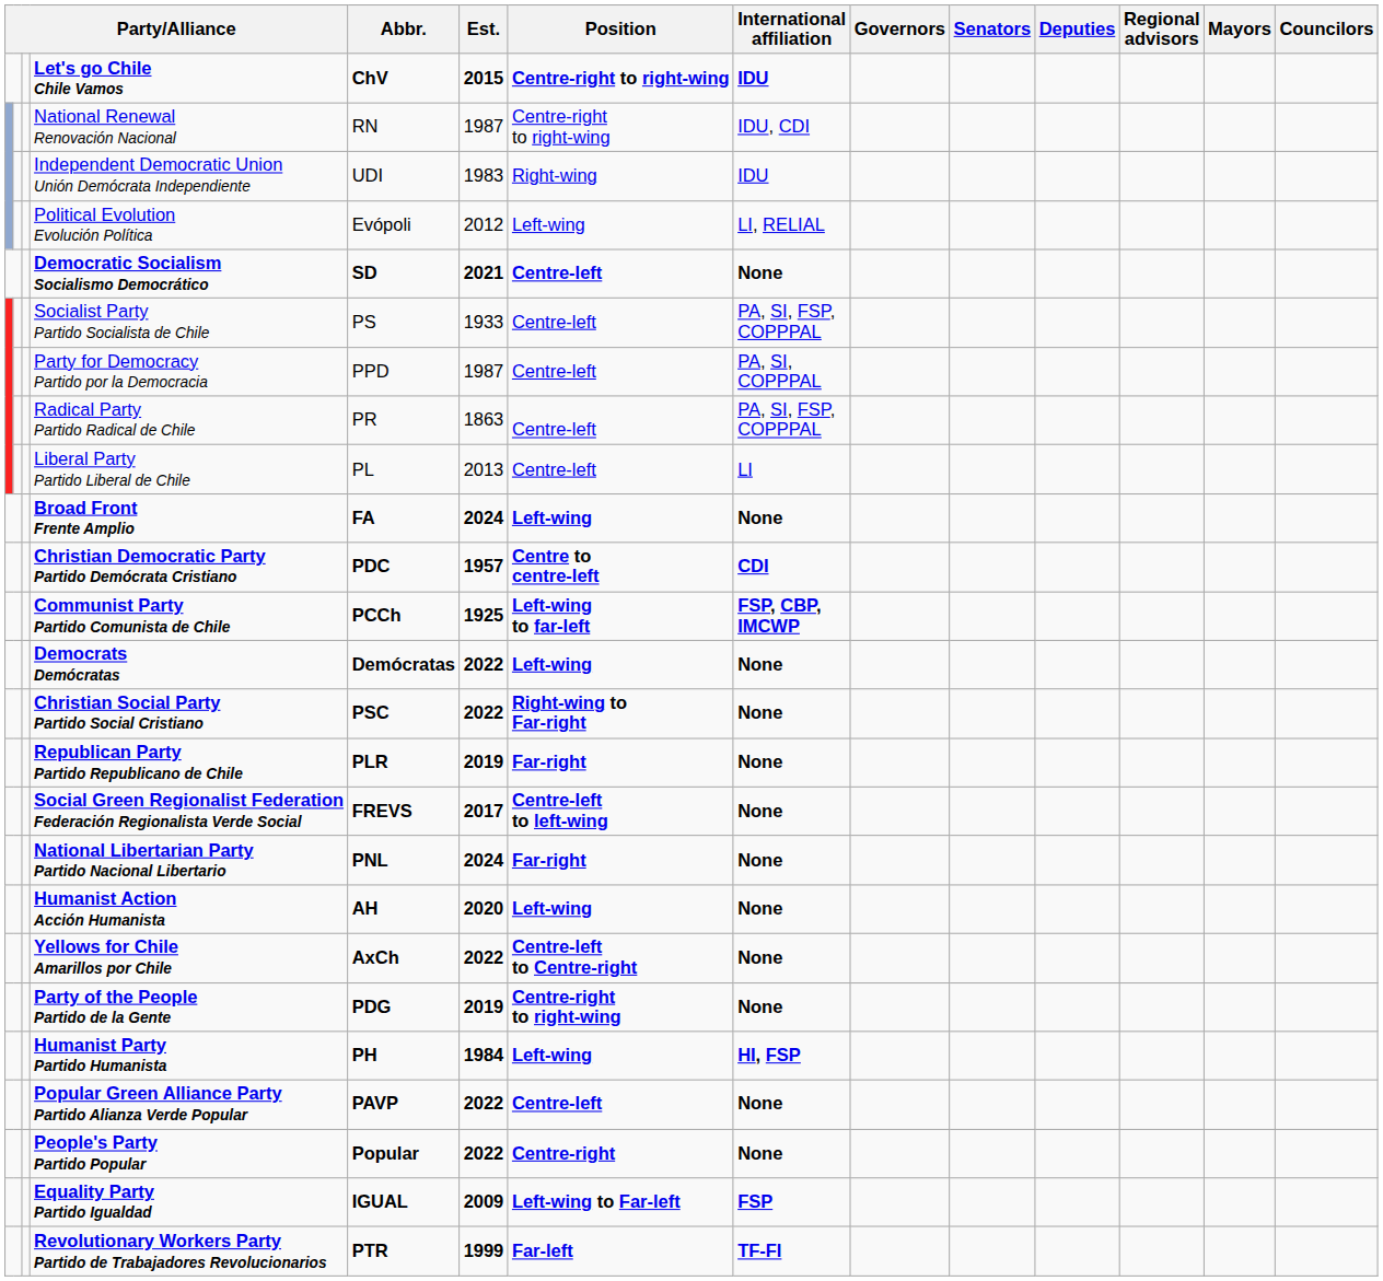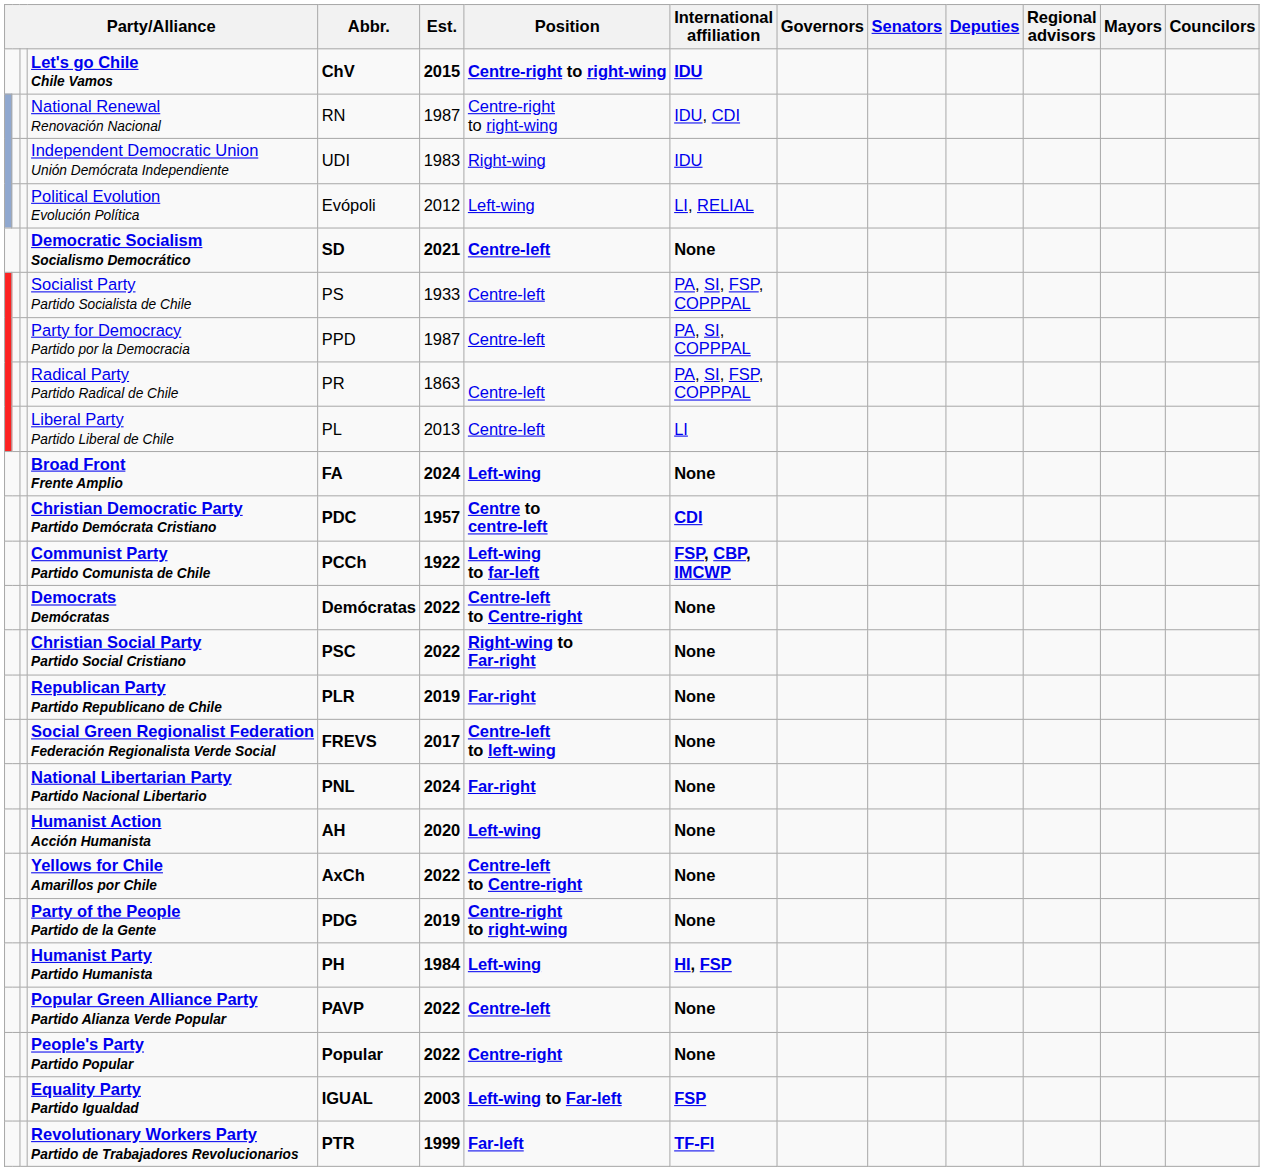 <table class="wikitable sortable">
 <tr>
 <th colspan="4">Party/Alliance</th>
 <th class=unsortable>Abbr.</th>
 <th>Est.</th>
 <th>Position</th>
 <th class=unsortable>International<br>affiliation</th>
 <th>Governors</th>
 <th><a href='#'>Senators</a></th>
 <th><a href='#'>Deputies</a></th>
 <th>Regional<br>advisors</th>
 <th>Mayors</th>
 <th>Councilors</th>
 </tr>
 <tr style="font-weight:bold">
 <td colspan="2" bgcolor=></td>
 <td></td>
 <td><a href='#'>Let's go Chile</a><br><small><em>Chile Vamos</em></small></td>
 <td>ChV</td>
 <td>2015</td>
 <td><a href='#'>Centre-right</a> to <a href='#'>right-wing</a></td>
 <td><a href='#'>IDU</a></td>
 <td></td>
 <td></td>
 <td></td>
 <td></td>
 <td></td>
 <td></td>
 </tr>
 <tr>
 <td rowspan="3" style="background:#90A8CF;"></td>
 <td style="background:"></td>
 <td style="text-align: center;"></td>
 <td><a href='#'>National Renewal</a><br><small><em>Renovación Nacional</em></small></td>
 <td>RN</td>
 <td>1987</td>
 <td><a href='#'>Centre-right</a><br>to <a href='#'>right-wing</a></td>
 <td><a href='#'>IDU</a>, <a href='#'>CDI</a></td>
 <td></td>
 <td></td>
 <td></td>
 <td></td>
 <td></td>
 <td></td>
 </tr>
 <tr>
 <td style=background:></td>
 <td style="text-align: center;"></td>
 <td><a href='#'>Independent Democratic Union</a><br><small><em>Unión Demócrata Independiente</em></small></td>
 <td>UDI</td>
 <td>1983</td>
 <td><a href='#'>Right-wing</a></td>
 <td><a href='#'>IDU</a></td>
 <td></td>
 <td></td>
 <td></td>
 <td></td>
 <td></td>
 <td></td>
 </tr>
 <tr>
 <td style="background:"></td>
 <td style="text-align: center;"></td>
 <td><a href='#'>Political Evolution</a><br><small><em>Evolución Política</em></small></td>
 <td>Evópoli</td>
 <td>2012</td>
 <td><a href='#'>Left-wing</a></td>
 <td><a href='#'>LI</a>, <a href='#'>RELIAL</a></td>
 <td></td>
 <td></td>
 <td></td>
 <td></td>
 <td></td>
 <td></td>
 </tr>
 <tr style="font-weight:bold">
 <td colspan="2" style="background:"></td>
 <td></td>
 <td><a href='#'>Democratic Socialism</a><br><small><em>Socialismo Democrático</em></small></td>
 <td>SD</td>
 <td>2021</td>
 <td><a href='#'>Centre-left</a></td>
 <td>None</td>
 <td></td>
 <td></td>
 <td></td>
 <td></td>
 <td></td>
 <td></td>
 </tr>
 <tr>
 <td rowspan="4" style="background:#FC2222;"></td>
 <td style="background:"></td>
 <td style="text-align: center;"></td>
 <td><a href='#'>Socialist Party</a><br><small><em>Partido Socialista de Chile</em></small></td>
 <td>PS</td>
 <td>1933</td>
 <td><a href='#'>Centre-left</a></td>
 <td><a href='#'>PA</a>, <a href='#'>SI</a>, <a href='#'>FSP</a>,<br><a href='#'>COPPPAL</a></td>
 <td></td>
 <td></td>
 <td></td>
 <td></td>
 <td></td>
 <td></td>
 </tr>
 <tr>
 <td style="background:"></td>
 <td style="text-align: center;"></td>
 <td><a href='#'>Party for Democracy</a><br><small><em>Partido por la Democracia</em></small></td>
 <td>PPD</td>
 <td>1987</td>
 <td><a href='#'>Centre-left</a></td>
 <td><a href='#'>PA</a>, <a href='#'>SI</a>,<br><a href='#'>COPPPAL</a></td>
 <td></td>
 <td></td>
 <td></td>
 <td></td>
 <td></td>
 <td></td>
 </tr>
 <tr>
 <td style=background:></td>
 <td style="text-align: center;"></td>
 <td><a href='#'>Radical Party</a><br><small><em>Partido Radical de Chile</em></small></td>
 <td>PR</td>
 <td>1863</td>
 <td><br><a href='#'>Centre-left</a></td>
 <td><a href='#'>PA</a>, <a href='#'>SI</a>, <a href='#'>FSP</a>,<br><a href='#'>COPPPAL</a></td>
 <td></td>
 <td></td>
 <td></td>
 <td></td>
 <td></td>
 <td></td>
 </tr>
 <tr>
 <td style="background:"></td>
 <td style="text-align: center;"></td>
 <td><a href='#'>Liberal Party</a><br><small><em>Partido Liberal de Chile</em></small></td>
 <td>PL</td>
 <td>2013</td>
 <td><a href='#'>Centre-left</a></td>
 <td><a href='#'>LI</a></td>
 <td></td>
 <td></td>
 <td></td>
 <td></td>
 <td></td>
 <td></td>
 </tr>
 <tr style="font-weight:bold">
 <td colspan="2" style="background:"></td>
 <td></td>
 <td><a href='#'>Broad Front</a><br><small><em>Frente Amplio</em></small></td>
 <td>FA</td>
 <td>2024</td>
 <td><a href='#'>Left-wing</a><br></td>
 <td>None</td>
 <td></td>
 <td></td>
 <td></td>
 <td></td>
 <td></td>
 <td></td>
 </tr>
 <tr style="font-weight:bold">
 <td colspan=2 style="background:"></td>
 <td style="text-align: center;"></td>
 <td><a href='#'>Christian Democratic Party</a><br><small><em>Partido Demócrata Cristiano</em></small></td>
 <td>PDC</td>
 <td>1957</td>
 <td><a href='#'>Centre</a> to<br><a href='#'>centre-left</a></td>
 <td><a href='#'>CDI</a></td>
 <td></td>
 <td></td>
 <td></td>
 <td></td>
 <td></td>
 <td></td>
 </tr>
 <tr style="font-weight:bold">
 <td colspan=2 style="background:"></td>
 <td style="text-align: center;"></td>
 <td><a href='#'>Communist Party</a><br><small><em>Partido Comunista de Chile</em></small></td>
 <td>PCCh</td>
-<td>1925</td>
+<td>1922</td>
 <td><a href='#'>Left-wing</a><br>to <a href='#'>far-left</a></td>
 <td><a href='#'>FSP</a>, <a href='#'>CBP</a>,<br><a href='#'>IMCWP</a></td>
 <td></td>
 <td></td>
 <td></td>
 <td></td>
 <td></td>
 <td></td>
 </tr>
 <tr style="font-weight:bold">
 <td colspan=2 style="background:"></td>
 <td style="text-align: center;"></td>
 <td><a href='#'>Democrats</a><br><small><em>Demócratas</em></small></td>
 <td>Demócratas</td>
 <td>2022</td>
-<td><a href='#'>Left-wing</a></td>
+<td><a href='#'>Centre-left</a><br>to <a href='#'>Centre-right</a></td>
 <td>None</td>
 <td></td>
 <td></td>
 <td></td>
 <td></td>
 <td></td>
 <td></td>
 </tr>
 <tr style="font-weight:bold">
 <td colspan=2 style="background:"></td>
 <td style="text-align: center;"></td>
 <td><a href='#'>Christian Social Party</a><br><small><em>Partido Social Cristiano</em></small></td>
 <td>PSC</td>
 <td>2022</td>
 <td><a href='#'>Right-wing</a> to<br><a href='#'>Far-right</a></td>
 <td>None</td>
 <td></td>
 <td></td>
 <td></td>
 <td></td>
 <td></td>
 <td></td>
 </tr>
 <tr style="font-weight:bold">
 <td colspan=2 style="background:"></td>
 <td style="text-align: center;"></td>
 <td><a href='#'>Republican Party</a><br><small><em>Partido Republicano de Chile</em></small></td>
 <td>PLR</td>
 <td>2019</td>
 <td><a href='#'>Far-right</a></td>
 <td>None</td>
 <td></td>
 <td></td>
 <td></td>
 <td></td>
 <td></td>
 <td></td>
 </tr>
 <tr style="font-weight:bold">
 <td colspan=2 style="background:"></td>
 <td style="text-align: center;"></td>
 <td><a href='#'>Social Green Regionalist Federation</a><br><small><em>Federación Regionalista Verde Social</em></small></td>
 <td>FREVS</td>
 <td>2017</td>
 <td><a href='#'>Centre-left</a><br>to <a href='#'>left-wing</a></td>
 <td>None</td>
 <td></td>
 <td></td>
 <td></td>
 <td></td>
 <td></td>
 <td></td>
 </tr>
 <tr style="font-weight:bold">
 <td colspan=2 style="background:"></td>
 <td style="text-align: center;"></td>
 <td><a href='#'>National Libertarian Party</a><br><small><em>Partido Nacional Libertario</em></small></td>
 <td>PNL</td>
 <td>2024</td>
 <td><a href='#'>Far-right</a></td>
 <td>None</td>
 <td></td>
 <td></td>
 <td></td>
 <td></td>
 <td></td>
 <td></td>
 </tr>
 <tr style="font-weight:bold">
 <td colspan=2 style="background:"></td>
 <td style="text-align: center;"></td>
 <td><a href='#'>Humanist Action</a><br><small><em>Acción Humanista</em></small></td>
 <td>AH</td>
 <td>2020</td>
 <td><a href='#'>Left-wing</a></td>
 <td>None</td>
 <td></td>
 <td></td>
 <td></td>
 <td></td>
 <td></td>
 <td></td>
 </tr>
 <tr style="font-weight:bold">
 <td colspan=2 style="background:"></td>
 <td style="text-align: center;"></td>
 <td><a href='#'>Yellows for Chile</a><br><small><em>Amarillos por Chile</em></small></td>
 <td>AxCh</td>
 <td>2022</td>
 <td><a href='#'>Centre-left</a><br>to <a href='#'>Centre-right</a></td>
 <td>None</td>
 <td></td>
 <td></td>
 <td></td>
 <td></td>
 <td></td>
 <td></td>
 </tr>
 <tr style="font-weight:bold">
 <td colspan=2 style="background:"></td>
 <td style="text-align: center;"></td>
 <td><a href='#'>Party of the People</a><br><small><em>Partido de la Gente</em></small></td>
 <td>PDG</td>
 <td>2019</td>
 <td><a href='#'>Centre-right</a><br>to <a href='#'>right-wing</a></td>
 <td>None</td>
 <td></td>
 <td></td>
 <td></td>
 <td></td>
 <td></td>
 <td></td>
 </tr>
 <tr style="font-weight:bold">
 <td colspan=2 style="background:"></td>
 <td style="text-align: center;"></td>
 <td><a href='#'>Humanist Party</a><br><small><em>Partido Humanista</em></small></td>
 <td>PH</td>
 <td>1984</td>
 <td><a href='#'>Left-wing</a></td>
 <td><a href='#'>HI</a>, <a href='#'>FSP</a></td>
 <td></td>
 <td></td>
 <td></td>
 <td></td>
 <td></td>
 <td></td>
 </tr>
 <tr style="font-weight:bold">
 <td colspan=2 style="background:"></td>
 <td style="text-align: center;"></td>
 <td><a href='#'>Popular Green Alliance Party</a><br><small><em>Partido Alianza Verde Popular</em></small></td>
 <td>PAVP</td>
 <td>2022</td>
 <td><a href='#'>Centre-left</a></td>
 <td>None</td>
 <td></td>
 <td></td>
 <td></td>
 <td></td>
 <td></td>
 <td></td>
 </tr>
 <tr style="font-weight:bold">
 <td colspan=2 style="background:"></td>
 <td style="text-align: center;"></td>
 <td><a href='#'>People's Party</a><br><small><em>Partido Popular</em></small></td>
 <td>Popular</td>
 <td>2022</td>
 <td><a href='#'>Centre-right</a></td>
 <td>None</td>
 <td></td>
 <td></td>
 <td></td>
 <td></td>
 <td></td>
 <td></td>
 </tr>
 <tr style="font-weight:bold">
 <td colspan=2 style="background:"></td>
 <td style="text-align: center;"></td>
 <td><a href='#'>Equality Party</a><br><small><em>Partido Igualdad</em></small></td>
 <td>IGUAL</td>
-<td>2009</td>
+<td>2003</td>
 <td><a href='#'>Left-wing</a> to <a href='#'>Far-left</a></td>
 <td><a href='#'>FSP</a></td>
 <td></td>
 <td></td>
 <td></td>
 <td></td>
 <td></td>
 <td></td>
 </tr>
 <tr style="font-weight:bold">
 <td colspan=2 style="background:"></td>
 <td style="text-align: center;"></td>
 <td><a href='#'>Revolutionary Workers Party</a><br><small><em>Partido de Trabajadores Revolucionarios</em></small></td>
 <td>PTR</td>
 <td>1999</td>
 <td><a href='#'>Far-left</a></td>
 <td><a href='#'>TF-FI</a></td>
 <td></td>
 <td></td>
 <td></td>
 <td></td>
 <td></td>
 <td></td>
 </tr>
 </table>
